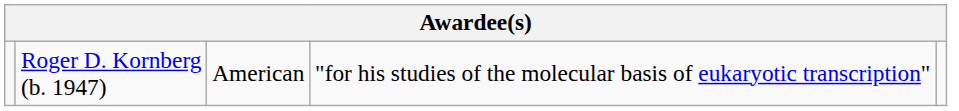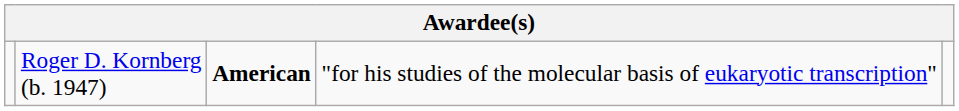 <table class="wikitable">
 <tr>
 <th colspan="5">Awardee(s)</th>
 </tr>
 <tr>
 <td></td>
 <td><a href='#'>Roger D. Kornberg</a><br>(b. 1947)</td>
-<td> American</td>
+<td><strong> American</strong></td>
 <td>"for his studies of the molecular basis of <a href='#'>eukaryotic transcription</a>"</td>
 <td></td>
 </tr>
 </table>
